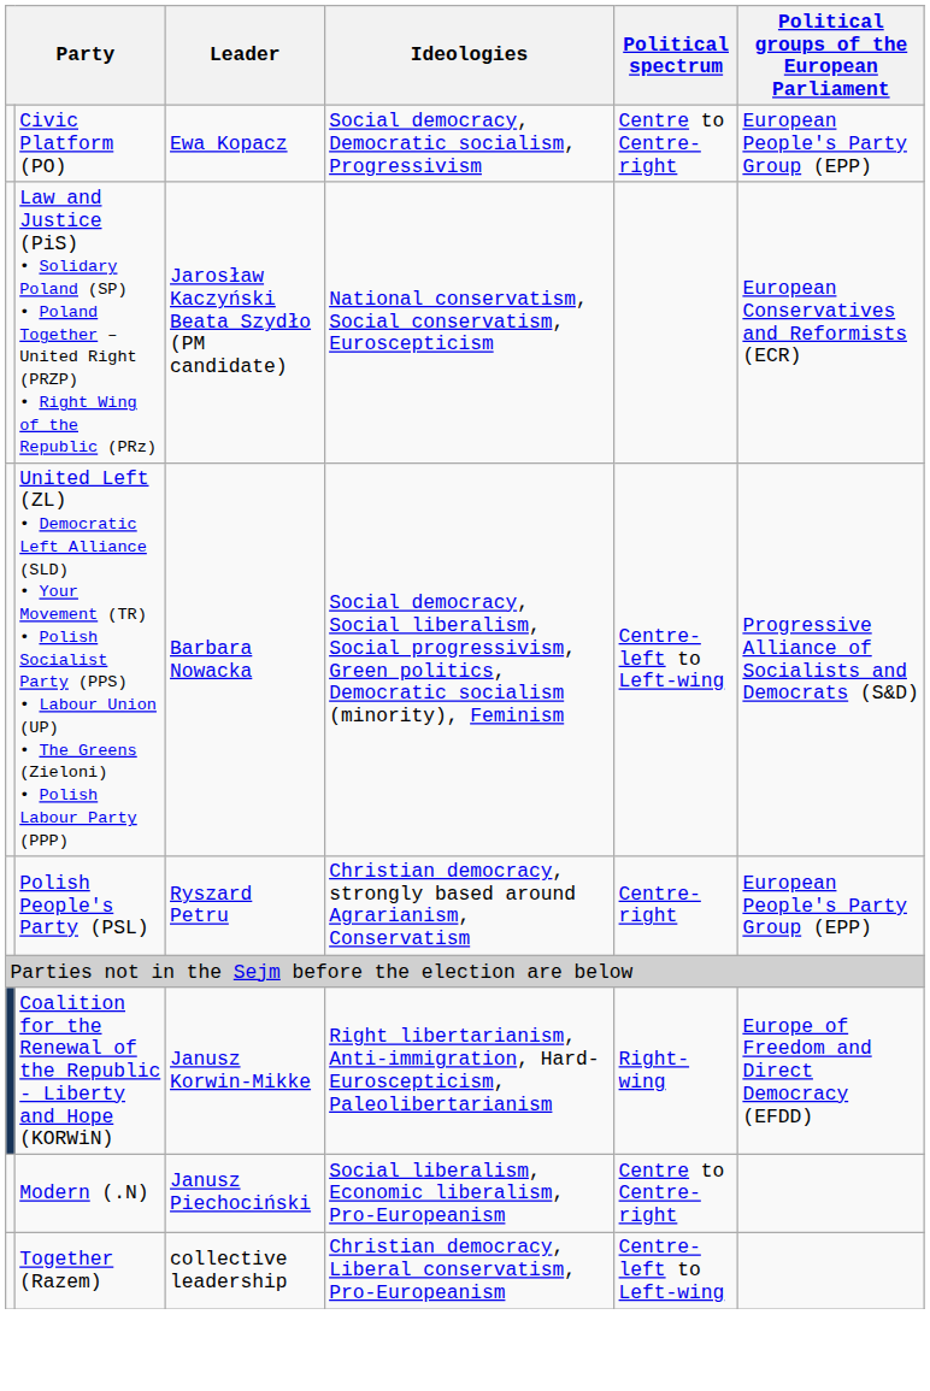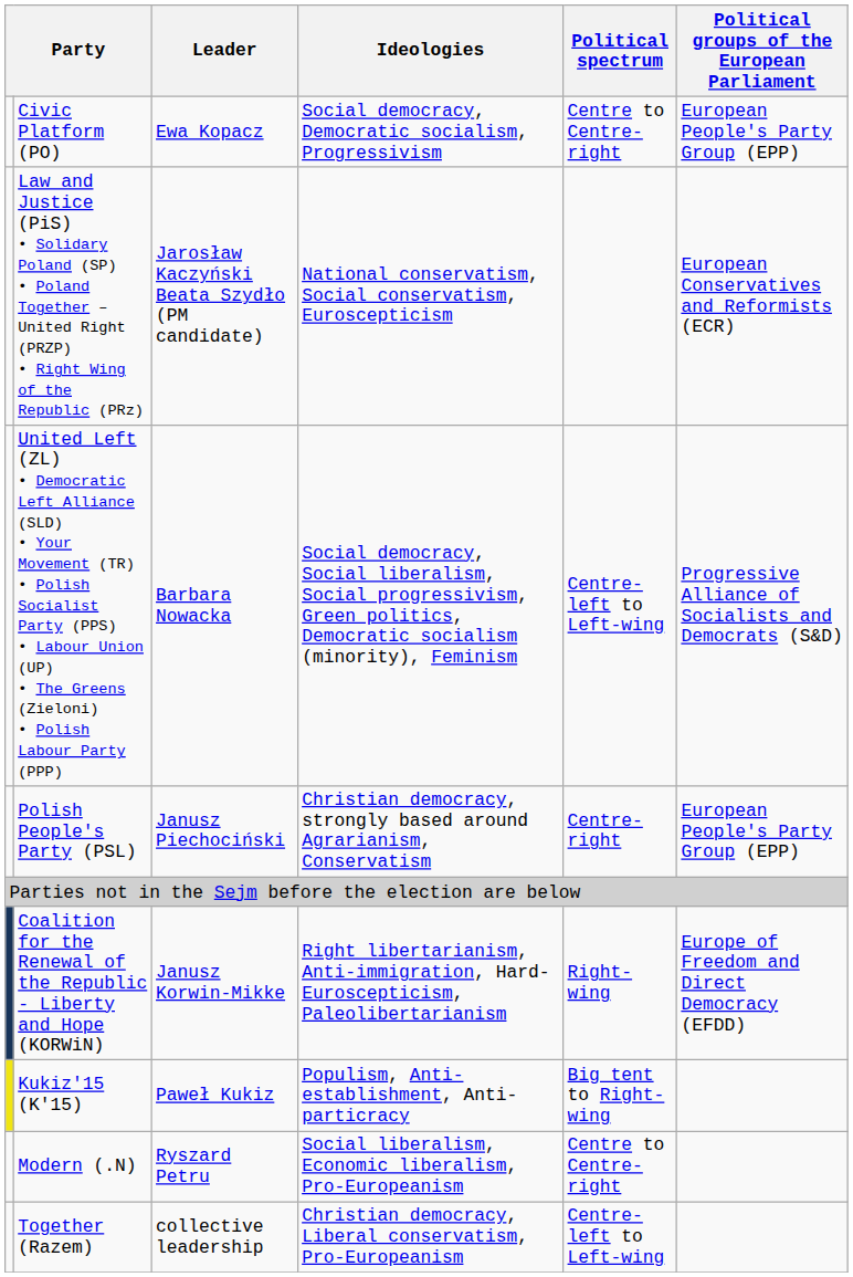 <table class=wikitable style=text-align:left>
 <tr>
 <th colspan=2>Party</th>
 <th>Leader</th>
 <th>Ideologies</th>
 <th><a href='#'>Political spectrum</a></th>
 <th><a href='#'>Political groups of the European Parliament</a></th>
 </tr>
 <tr>
 <td></td>
 <td><a href='#'>Civic Platform</a> (PO)</td>
 <td><a href='#'>Ewa Kopacz</a></td>
 <td><a href='#'>Social democracy</a>, <a href='#'>Democratic socialism</a>, <a href='#'>Progressivism</a></td>
 <td><a href='#'>Centre</a> to <a href='#'>Centre-right</a></td>
 <td><a href='#'>European People's Party Group</a> (EPP)</td>
 </tr>
 <tr>
 <td></td>
 <td><a href='#'>Law and Justice</a> (PiS)<small><br>• <a href='#'>Solidary Poland</a> (SP) <br> • <a href='#'>Poland Together</a> – United Right (PRZP) <br>• <a href='#'>Right Wing of the Republic</a> (PRz) </small></td>
 <td><a href='#'>Jarosław Kaczyński</a><br> <a href='#'>Beata Szydło</a> (PM candidate)</td>
 <td><a href='#'>National conservatism</a>, <a href='#'>Social conservatism</a>, <a href='#'>Euroscepticism</a></td>
 <td></td>
 <td><a href='#'>European Conservatives and Reformists</a> (ECR)</td>
 </tr>
 <tr>
 <td></td>
 <td><a href='#'>United Left</a> (ZL)<small><br>• <a href='#'>Democratic Left Alliance</a> (SLD) <br>• <a href='#'>Your Movement</a> (TR)<br>• <a href='#'>Polish Socialist Party</a> (PPS)<br>• <a href='#'>Labour Union</a> (UP)<br>• <a href='#'>The Greens</a> (Zieloni)<br>• <a href='#'>Polish Labour Party</a> (PPP)</small></td>
 <td><a href='#'>Barbara Nowacka</a></td>
 <td><a href='#'>Social democracy</a>, <a href='#'>Social liberalism</a>, <a href='#'>Social progressivism</a>, <a href='#'>Green politics</a>, <a href='#'>Democratic socialism</a> (minority), <a href='#'>Feminism</a></td>
 <td><a href='#'>Centre-left</a> to <a href='#'>Left-wing</a></td>
 <td><a href='#'>Progressive Alliance of Socialists and Democrats</a> (S&D)</td>
 </tr>
 <tr>
 <td></td>
 <td><a href='#'>Polish People's Party</a> (PSL)</td>
-<td><a href='#'>Ryszard Petru</a></td>
+<td><a href='#'>Janusz Piechociński</a></td>
 <td><a href='#'>Christian democracy</a>, strongly based around <a href='#'>Agrarianism</a>, <a href='#'>Conservatism</a></td>
 <td><a href='#'>Centre-right</a></td>
 <td><a href='#'>European People's Party Group</a> (EPP)</td>
 </tr>
 <tr>
 <td colspan="6" style="background:#D0D0D0; color:black">Parties not in the <a href='#'>Sejm</a> before the election are below</td>
 </tr>
 <tr>
 <td style="color:inherit;background:#173358"></td>
 <td><a href='#'>Coalition for the Renewal of the Republic - Liberty and Hope</a> (KORWiN)</td>
 <td><a href='#'>Janusz Korwin-Mikke</a></td>
 <td><a href='#'>Right libertarianism</a>, <a href='#'>Anti-immigration</a>, Hard-<a href='#'>Euroscepticism</a>, <a href='#'>Paleolibertarianism</a></td>
 <td><a href='#'>Right-wing</a></td>
 <td><a href='#'>Europe of Freedom and Direct Democracy</a> (EFDD)</td>
 </tr>
 <tr>
+<td style="color:inherit;background:#F0E511"></td>
+<td><a href='#'>Kukiz'15</a> (K'15)</td>
+<td><a href='#'>Paweł Kukiz</a></td>
+<td><a href='#'>Populism</a>, <a href='#'>Anti-establishment</a>, Anti-<a href='#'>particracy</a></td>
+<td><a href='#'>Big tent</a> to <a href='#'>Right-wing</a></td>
+<td></td>
+</tr>
+<tr>
 <td></td>
 <td><a href='#'>Modern</a> (.N)</td>
-<td><a href='#'>Janusz Piechociński</a></td>
+<td><a href='#'>Ryszard Petru</a></td>
 <td><a href='#'>Social liberalism</a>, <a href='#'>Economic liberalism</a>, <a href='#'>Pro-Europeanism</a></td>
 <td><a href='#'>Centre</a> to <a href='#'>Centre-right</a></td>
 <td></td>
 </tr>
 <tr>
 <td bgcolor=></td>
 <td><a href='#'>Together</a> (Razem)</td>
 <td>collective leadership</td>
 <td><a href='#'>Christian democracy</a>, <a href='#'>Liberal conservatism</a>, <a href='#'>Pro-Europeanism</a></td>
 <td><a href='#'>Centre-left</a> to <a href='#'>Left-wing</a></td>
 <td></td>
 </tr>
 </table>
